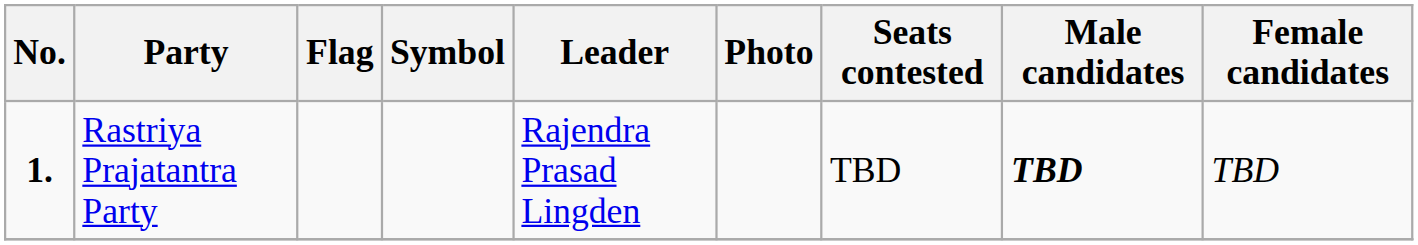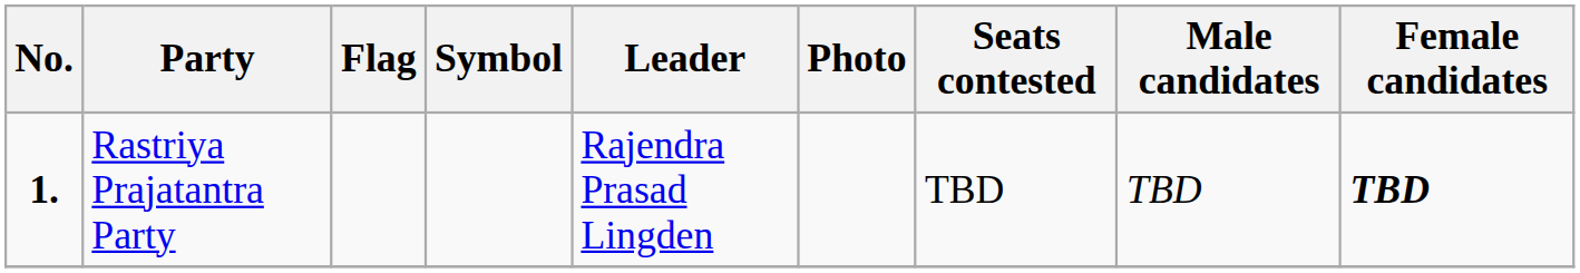 <table class="wikitable" width="50%">
 <tr>
 <th>No.</th>
 <th>Party</th>
 <th>Flag</th>
 <th>Symbol</th>
 <th>Leader</th>
 <th>Photo</th>
 <th>Seats contested</th>
 <th>Male candidates</th>
 <th>Female candidates</th>
 </tr>
 <tr>
 <td style="text-align:center; background:"><strong>1.</strong></td>
 <td><a href='#'>Rastriya Prajatantra Party</a></td>
 <td></td>
 <td></td>
 <td><a href='#'>Rajendra Prasad Lingden</a></td>
 <td></td>
 <td>TBD</td>
+<td><em>TBD</em></td>
 <td><strong><em>TBD</em></strong></td>
-<td><em>TBD</em></td>
 </tr>
 <tr>
 </tr>
 </table>
